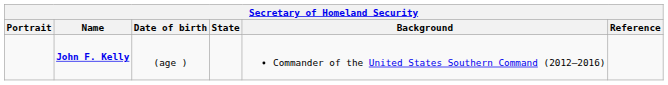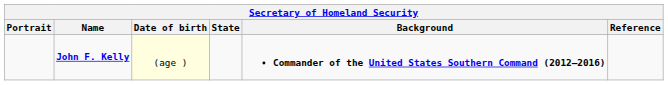 <table class="wikitable collapsible" style="text-align:center;">
 <tr>
 <th colspan="6"><a href='#'>Secretary of Homeland Security</a></th>
 </tr>
 <tr>
 <th>Portrait</th>
 <th>Name</th>
 <th>Date of birth</th>
 <th>State</th>
 <th>Background</th>
 <th>Reference</th>
 </tr>
 <tr>
 <td></td>
 <td><strong><a href='#'>John F. Kelly</a></strong></td>
-<td><br>(age )</td>
+<td style="background: lightyellow;"><br>(age )</td>
 <td></td>
-<td><br><ul><li>Commander of the <a href='#'>United States Southern Command</a> (2012–2016)</li></ul></td>
+<td><strong><br><ul><li>Commander of the <a href='#'>United States Southern Command</a> (2012–2016)</li></ul></strong></td>
 <td></td>
 </tr>
 </table>
